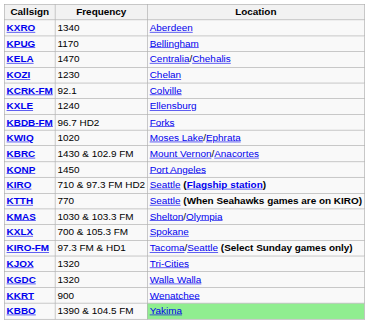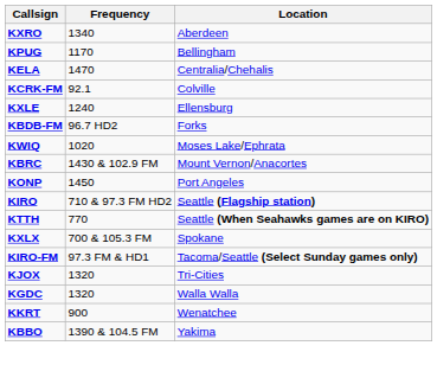 <table class="wikitable sortable">
 <tr>
 <th>Callsign</th>
 <th>Frequency</th>
 <th>Location</th>
 </tr>
 <tr>
 <td><strong><a href='#'>KXRO</a></strong></td>
 <td data-sort-value=001340>1340</td>
 <td><a href='#'>Aberdeen</a></td>
 </tr>
 <tr>
 <td><strong><a href='#'>KPUG</a></strong></td>
 <td data-sort-value=001170>1170</td>
 <td><a href='#'>Bellingham</a></td>
 </tr>
 <tr>
 <td><strong><a href='#'>KELA</a></strong></td>
 <td data-sort-value=001470>1470</td>
 <td><a href='#'>Centralia</a>/<a href='#'>Chehalis</a></td>
-</tr>
-<tr>
-<td><strong><a href='#'>KOZI</a></strong></td>
-<td data-sort-value=001230>1230</td>
-<td><a href='#'>Chelan</a></td>
 </tr>
 <tr>
 <td><strong><a href='#'>KCRK-FM</a></strong></td>
 <td data-sort-value=092100>92.1</td>
 <td><a href='#'>Colville</a></td>
 </tr>
 <tr>
 <td><strong><a href='#'>KXLE</a></strong></td>
 <td data-sort-value=001240>1240</td>
 <td><a href='#'>Ellensburg</a></td>
 </tr>
 <tr>
 <td><strong><a href='#'>KBDB-FM</a></strong></td>
 <td data-sort-value=096700>96.7 HD2</td>
 <td><a href='#'>Forks</a></td>
 </tr>
 <tr>
 <td><strong><a href='#'>KWIQ</a></strong></td>
 <td data-sort-value=001020>1020</td>
 <td><a href='#'>Moses Lake</a>/<a href='#'>Ephrata</a></td>
 </tr>
 <tr>
 <td><strong><a href='#'>KBRC</a></strong></td>
 <td data-sort-value=001430>1430 & 102.9 FM</td>
 <td><a href='#'>Mount Vernon</a>/<a href='#'>Anacortes</a></td>
 </tr>
 <tr>
 <td><strong><a href='#'>KONP</a></strong></td>
 <td data-sort-value=001450>1450</td>
 <td><a href='#'>Port Angeles</a></td>
 </tr>
 <tr>
 <td><strong><a href='#'>KIRO</a></strong></td>
 <td data-sort-value=000710>710 & 97.3 FM HD2</td>
 <td><a href='#'>Seattle</a> <strong>(<a href='#'>Flagship station</a>)</strong></td>
 </tr>
 <tr>
 <td><strong><a href='#'>KTTH</a></strong></td>
 <td data-sort-value=000770>770</td>
 <td><a href='#'>Seattle</a> <strong>(When Seahawks games are on KIRO)</strong></td>
 </tr>
 <tr>
-<td><strong><a href='#'>KMAS</a></strong></td>
-<td data-sort-value=001030>1030 & 103.3 FM</td>
-<td><a href='#'>Shelton</a>/<a href='#'>Olympia</a></td>
-</tr>
-<tr>
 <td><strong><a href='#'>KXLX</a></strong></td>
 <td data-sort-value=000700>700 & 105.3 FM</td>
 <td><a href='#'>Spokane</a></td>
 </tr>
 <tr>
 <td><strong><a href='#'>KIRO-FM</a></strong></td>
 <td data-sort-value=097300>97.3 FM & HD1</td>
 <td><a href='#'>Tacoma</a>/<a href='#'>Seattle</a> <strong>(Select Sunday games only)</strong></td>
 </tr>
 <tr>
 <td><strong><a href='#'>KJOX</a></strong></td>
 <td data-sort-value=001320>1320</td>
 <td><a href='#'>Tri-Cities</a></td>
 </tr>
 <tr>
 <td><strong><a href='#'>KGDC</a></strong></td>
 <td data-sort-value=001320>1320</td>
 <td><a href='#'>Walla Walla</a></td>
 </tr>
 <tr>
 <td><strong><a href='#'>KKRT</a></strong></td>
 <td data-sort-value=000900>900</td>
 <td><a href='#'>Wenatchee</a></td>
 </tr>
 <tr>
 <td><strong><a href='#'>KBBO</a></strong></td>
 <td data-sort-value=001390>1390 & 104.5 FM</td>
-<td style="background: lightgreen;"><a href='#'>Yakima</a></td>
+<td><a href='#'>Yakima</a></td>
 </tr>
 </table>
